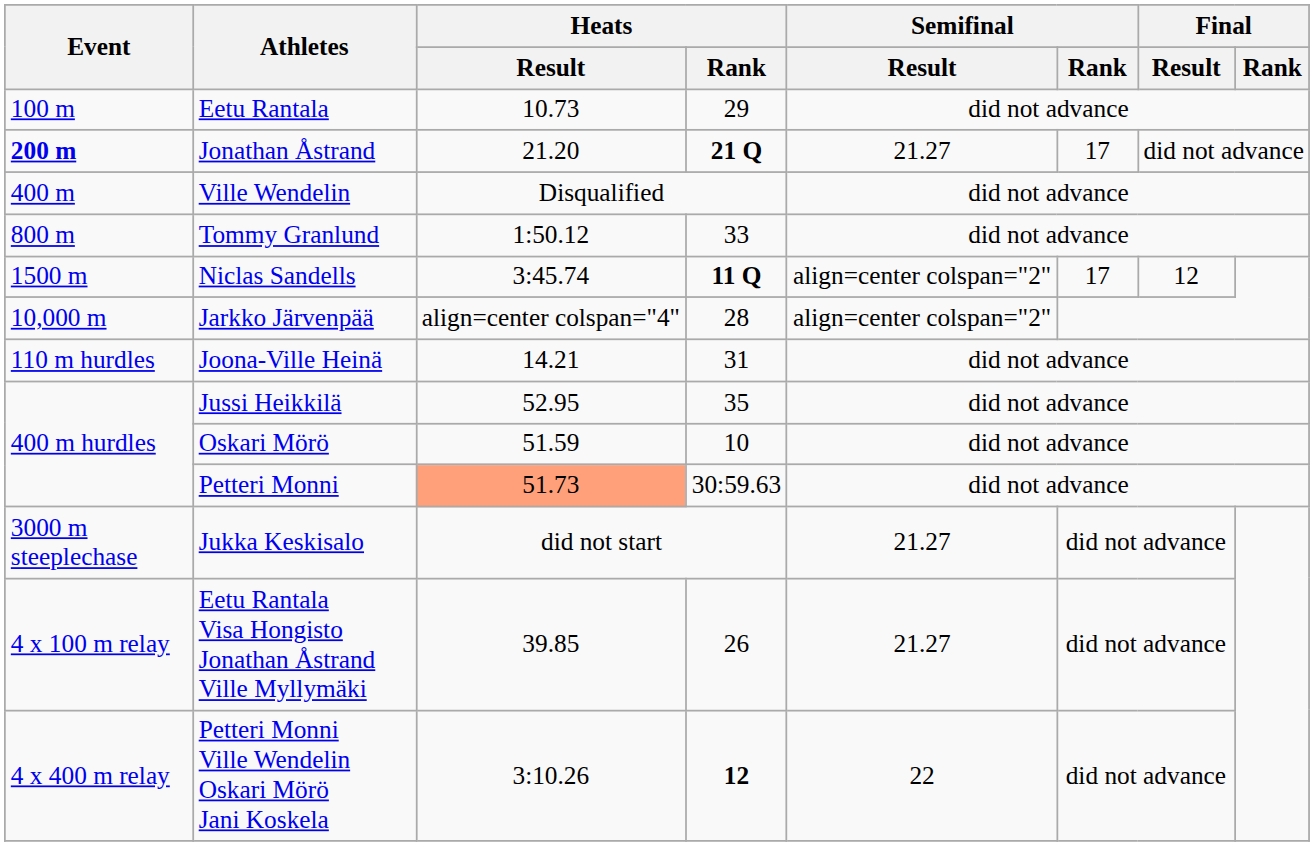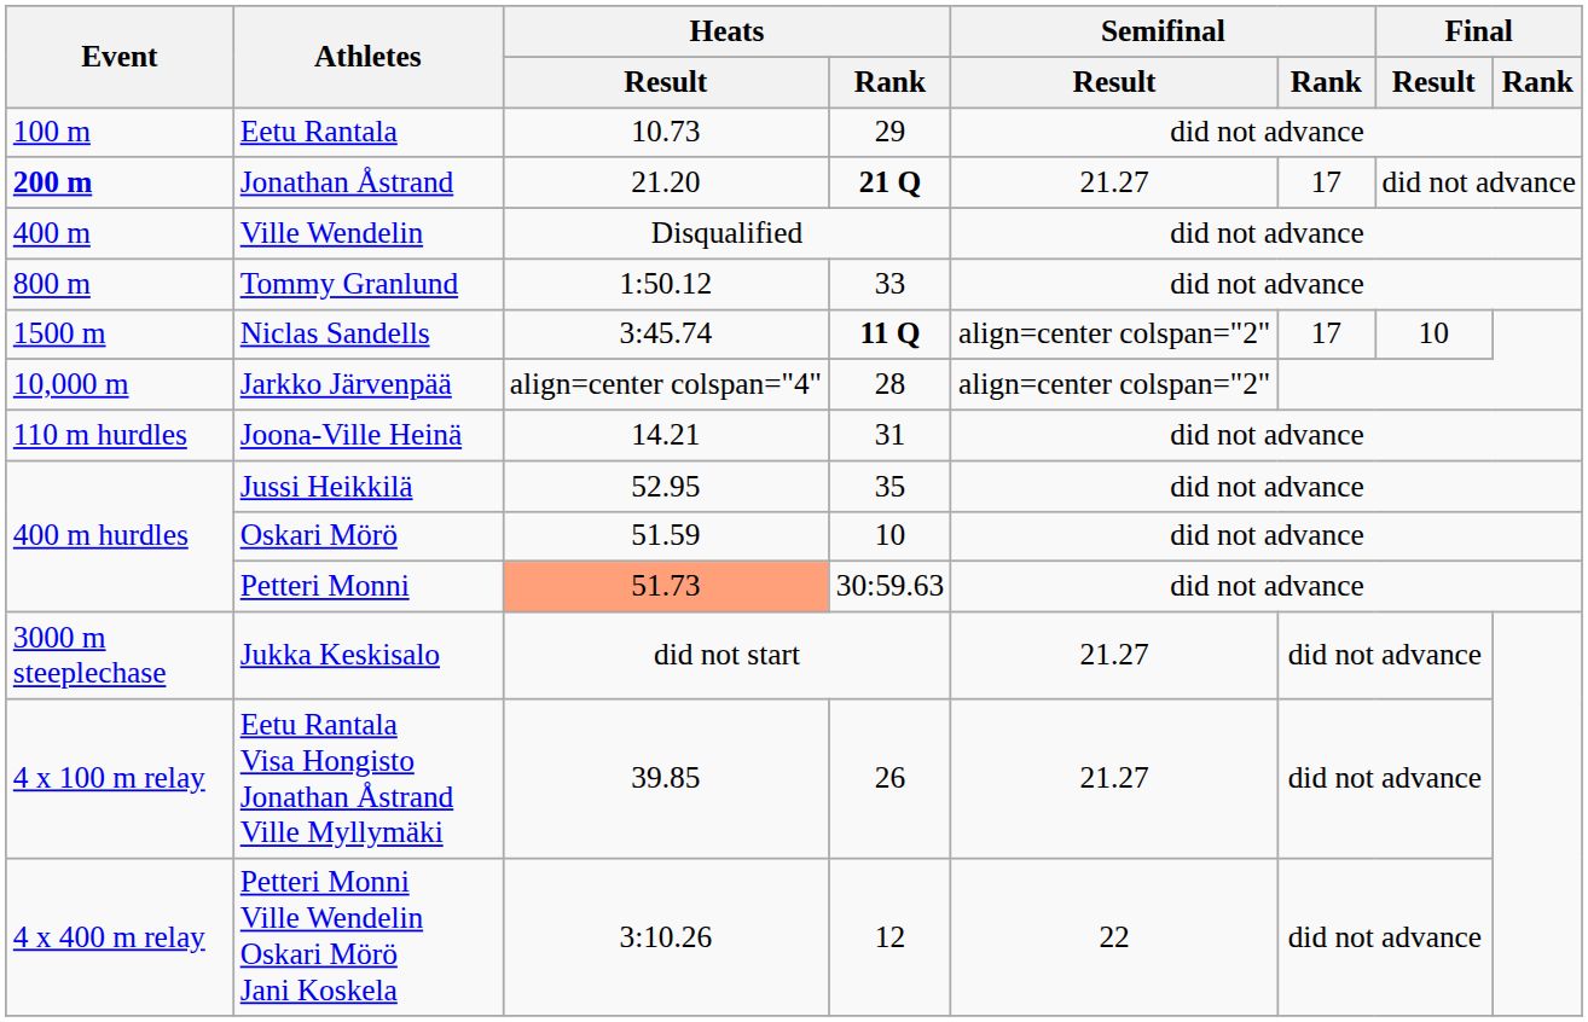 <table class="wikitable" border="1" style="font-size:90%">
 <tr>
 <th rowspan="2" width=100>Event</th>
 <th rowspan="2" width=120>Athletes</th>
 <th colspan="2">Heats</th>
 <th colspan="2">Semifinal</th>
 <th colspan="2">Final</th>
 </tr>
 <tr>
 <th>Result</th>
 <th>Rank</th>
 <th>Result</th>
 <th>Rank</th>
 <th>Result</th>
 <th>Rank</th>
 </tr>
 <tr>
 <td><a href='#'>100 m</a></td>
 <td><a href='#'>Eetu Rantala</a></td>
 <td align=center>10.73</td>
 <td align=center>29</td>
 <td align=center colspan="4">did not advance</td>
 </tr>
 <tr>
 <td><strong><a href='#'>200 m</a></strong></td>
 <td><a href='#'>Jonathan Åstrand</a></td>
 <td align=center>21.20</td>
 <td align=center><strong>21 Q</strong></td>
 <td align=center>21.27</td>
 <td align=center>17</td>
 <td align=center colspan="2">did not advance</td>
 </tr>
 <tr>
 <td><a href='#'>400 m</a></td>
 <td><a href='#'>Ville Wendelin</a></td>
 <td align=center colspan="2">Disqualified</td>
 <td align=center colspan="4">did not advance</td>
 </tr>
 <tr>
 <td><a href='#'>800 m</a></td>
 <td><a href='#'>Tommy Granlund</a></td>
 <td align=center>1:50.12</td>
 <td align=center>33</td>
 <td align=center colspan="4">did not advance</td>
 </tr>
 <tr>
 <td><a href='#'>1500 m</a></td>
 <td><a href='#'>Niclas Sandells</a></td>
 <td align=center>3:45.74</td>
 <td align=center><strong>11 Q</strong></td>
 <td>align=center colspan="2" </td>
 <td align=center>17</td>
-<td align=center>12</td>
+<td align=center>10</td>
 </tr>
 <tr>
 <td><a href='#'>10,000 m</a></td>
 <td><a href='#'>Jarkko Järvenpää</a></td>
 <td>align=center colspan="4" </td>
 <td align=center>28</td>
 <td>align=center colspan="2" </td>
 </tr>
 <tr>
 <td><a href='#'>110 m hurdles</a></td>
 <td><a href='#'>Joona-Ville Heinä</a></td>
 <td align=center>14.21</td>
 <td align=center>31</td>
 <td align=center colspan="4">did not advance</td>
 </tr>
 <tr>
 <td rowspan=3><a href='#'>400 m hurdles</a></td>
 <td><a href='#'>Jussi Heikkilä</a></td>
 <td align=center>52.95</td>
 <td align=center>35</td>
 <td align=center colspan="4">did not advance</td>
 </tr>
 <tr>
 <td><a href='#'>Oskari Mörö</a></td>
 <td align=center>51.59</td>
 <td align=center>10</td>
 <td align=center colspan="4">did not advance</td>
 </tr>
 <tr>
 <td><a href='#'>Petteri Monni</a></td>
 <td align=center style="background: lightsalmon;">51.73</td>
 <td align=center>30:59.63</td>
 <td align=center colspan="4">did not advance</td>
 </tr>
 <tr>
 <td><a href='#'>3000 m steeplechase</a></td>
 <td><a href='#'>Jukka Keskisalo</a></td>
 <td align=center colspan="2">did not start</td>
 <td align=center>21.27</td>
 <td align=center colspan="2">did not advance</td>
 </tr>
 <tr>
 <td><a href='#'>4 x 100 m relay</a></td>
 <td><a href='#'>Eetu Rantala</a><br><a href='#'>Visa Hongisto</a><br><a href='#'>Jonathan Åstrand</a><br><a href='#'>Ville Myllymäki</a></td>
 <td align=center>39.85</td>
 <td align=center>26</td>
 <td align=center>21.27</td>
 <td align=center colspan="2">did not advance</td>
 </tr>
 <tr>
 <td><a href='#'>4 x 400 m relay</a></td>
 <td><a href='#'>Petteri Monni</a><br><a href='#'>Ville Wendelin</a><br><a href='#'>Oskari Mörö</a><br><a href='#'>Jani Koskela</a></td>
 <td align=center>3:10.26</td>
-<td align=center><strong>12</strong></td>
+<td align=center>12</td>
 <td align=center>22</td>
 <td align=center colspan="2">did not advance</td>
 </tr>
 </table>
